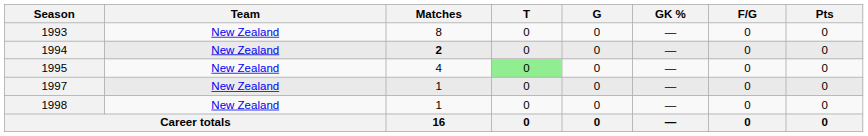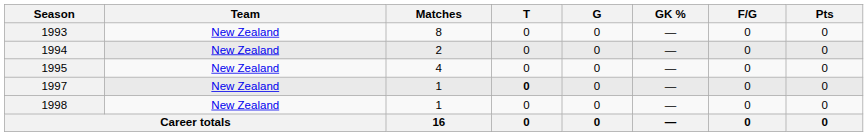 <table class="wikitable sortable"  style="font-size:90%; text-align:center; width:85%;">
 <tr>
 <th width=2%>Season</th>
 <th width=8%>Team</th>
 <th width=2%>Matches</th>
 <th width=2%>T</th>
 <th width=2%>G</th>
 <th width=2%>GK %</th>
 <th width=2%>F/G</th>
 <th width=2%>Pts</th>
 </tr>
 <tr>
 <th scope="row" style="text-align:center; font-weight:normal">1993</th>
 <td style="text-align:center;"> <a href='#'>New Zealand</a></td>
 <td>8</td>
 <td>0</td>
 <td>0</td>
 <td>—</td>
 <td>0</td>
 <td>0</td>
 </tr>
 <tr style="background-color: #EAEAEA">
 <th scope="row" style="text-align:center; font-weight:normal">1994</th>
 <td style="text-align:center;"> <a href='#'>New Zealand</a></td>
-<td><strong>2</strong></td>
+<td>2</td>
 <td>0</td>
 <td>0</td>
 <td>—</td>
 <td>0</td>
 <td>0</td>
 </tr>
 <tr>
 <th scope="row" style="text-align:center; font-weight:normal">1995</th>
 <td style="text-align:center;"> <a href='#'>New Zealand</a></td>
 <td>4</td>
-<td style="background: lightgreen;">0</td>
+<td>0</td>
 <td>0</td>
 <td>—</td>
 <td>0</td>
 <td>0</td>
 </tr>
 <tr style="background-color: #EAEAEA">
 <th scope="row" style="text-align:center; font-weight:normal">1997</th>
 <td style="text-align:center;"> <a href='#'>New Zealand</a></td>
 <td>1</td>
-<td>0</td>
+<td><strong>0</strong></td>
 <td>0</td>
 <td>—</td>
 <td>0</td>
 <td>0</td>
 </tr>
 <tr>
 <th scope="row" style="text-align:center; font-weight:normal">1998</th>
 <td style="text-align:center;"> <a href='#'>New Zealand</a></td>
 <td>1</td>
 <td>0</td>
 <td>0</td>
 <td>—</td>
 <td>0</td>
 <td>0</td>
 </tr>
 <tr class="sortbottom">
 <th colspan=2>Career totals</th>
 <th>16</th>
 <th>0</th>
 <th>0</th>
 <th>—</th>
 <th>0</th>
 <th>0</th>
 </tr>
 </table>
